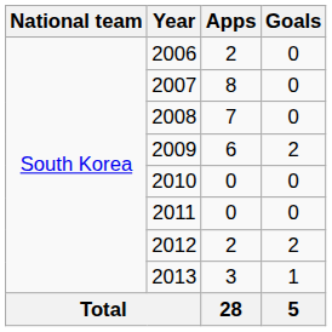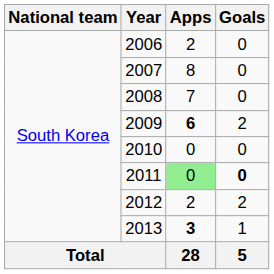 <table class="wikitable" style="text-align:center">
 <tr>
 <th>National team</th>
 <th>Year</th>
 <th>Apps</th>
 <th>Goals</th>
 </tr>
 <tr>
 <td rowspan="8"><a href='#'>South Korea</a></td>
 <td>2006</td>
 <td>2</td>
 <td>0</td>
 </tr>
 <tr>
 <td>2007</td>
 <td>8</td>
 <td>0</td>
 </tr>
 <tr>
 <td>2008</td>
 <td>7</td>
 <td>0</td>
 </tr>
 <tr>
 <td>2009</td>
-<td>6</td>
+<td><strong>6</strong></td>
 <td>2</td>
 </tr>
 <tr>
 <td>2010</td>
 <td>0</td>
 <td>0</td>
 </tr>
 <tr>
 <td>2011</td>
-<td>0</td>
-<td>0</td>
+<td style="background: lightgreen;">0</td>
+<td><strong>0</strong></td>
 </tr>
 <tr>
 <td>2012</td>
 <td>2</td>
 <td>2</td>
 </tr>
 <tr>
 <td>2013</td>
-<td>3</td>
+<td><strong>3</strong></td>
 <td>1</td>
 </tr>
 <tr>
 <th colspan="2">Total</th>
 <th>28</th>
 <th>5</th>
 </tr>
 </table>
